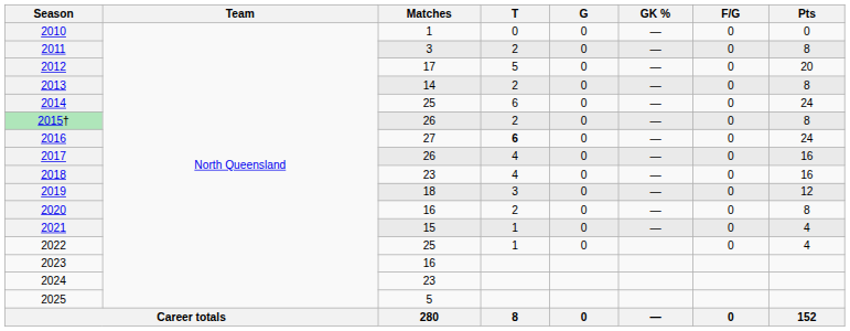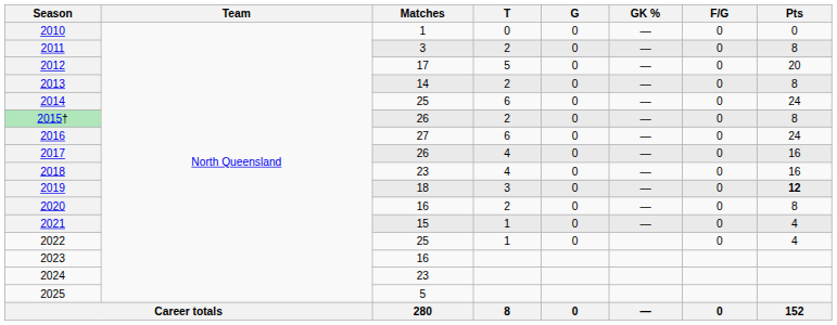 <table class="wikitable sortable"  style="font-size:90%; text-align:center; width:85%;">
 <tr>
 <th width=2%>Season</th>
 <th width=8%>Team</th>
 <th width=2%>Matches</th>
 <th width=2%>T</th>
 <th width=2%>G</th>
 <th width=2%>GK %</th>
 <th width=2%>F/G</th>
 <th width=2%>Pts</th>
 </tr>
 <tr>
 <th scope="row" style="text-align:center; font-weight:normal"><a href='#'>2010</a></th>
 <td rowspan="16" style="text-align:center;"> <a href='#'>North Queensland</a></td>
 <td>1</td>
 <td>0</td>
 <td>0</td>
 <td>—</td>
 <td>0</td>
 <td>0</td>
 </tr>
 <tr style="background:#eaeaea;">
 <th scope="row" style="text-align:center; font-weight:normal"><a href='#'>2011</a></th>
 <td>3</td>
 <td>2</td>
 <td>0</td>
 <td>—</td>
 <td>0</td>
 <td>8</td>
 </tr>
 <tr>
 <th scope="row" style="text-align:center; font-weight:normal"><a href='#'>2012</a></th>
 <td>17</td>
 <td>5</td>
 <td>0</td>
 <td>—</td>
 <td>0</td>
 <td>20</td>
 </tr>
 <tr style="background:#eaeaea;">
 <th scope="row" style="text-align:center; font-weight:normal"><a href='#'>2013</a></th>
 <td>14</td>
 <td>2</td>
 <td>0</td>
 <td>—</td>
 <td>0</td>
 <td>8</td>
 </tr>
 <tr>
 <th scope="row" style="text-align:center; font-weight:normal"><a href='#'>2014</a></th>
 <td>25</td>
 <td>6</td>
 <td>0</td>
 <td>—</td>
 <td>0</td>
 <td>24</td>
 </tr>
 <tr style="background:#eaeaea;">
 <th scope="row" style="text-align:center; font-weight:normal; background:#afe6ba;"><a href='#'>2015</a>†</th>
 <td>26</td>
 <td>2</td>
 <td>0</td>
 <td>—</td>
 <td>0</td>
 <td>8</td>
 </tr>
 <tr>
 <th scope="row" style="text-align:center; font-weight:normal"><a href='#'>2016</a></th>
 <td>27</td>
-<td><strong>6</strong></td>
+<td>6</td>
 <td>0</td>
 <td>—</td>
 <td>0</td>
 <td>24</td>
 </tr>
 <tr style="background:#eaeaea;">
 <th scope="row" style="text-align:center; font-weight:normal"><a href='#'>2017</a></th>
 <td>26</td>
 <td>4</td>
 <td>0</td>
 <td>—</td>
 <td>0</td>
 <td>16</td>
 </tr>
 <tr>
 <th scope="row" style="text-align:center; font-weight:normal"><a href='#'>2018</a></th>
 <td>23</td>
 <td>4</td>
 <td>0</td>
 <td>—</td>
 <td>0</td>
 <td>16</td>
 </tr>
 <tr style="background:#eaeaea;">
 <th scope="row" style="text-align:center; font-weight:normal"><a href='#'>2019</a></th>
 <td>18</td>
 <td>3</td>
 <td>0</td>
 <td>—</td>
 <td>0</td>
-<td>12</td>
+<td><strong>12</strong></td>
 </tr>
 <tr>
 <th scope="row" style="text-align:center; font-weight:normal"><a href='#'>2020</a></th>
 <td>16</td>
 <td>2</td>
 <td>0</td>
 <td>—</td>
 <td>0</td>
 <td>8</td>
 </tr>
 <tr style="background:#eaeaea;">
 <th scope="row" style="text-align:center; font-weight:normal"><a href='#'>2021</a></th>
 <td>15</td>
 <td>1</td>
 <td>0</td>
 <td>—</td>
 <td>0</td>
 <td>4</td>
 </tr>
 <tr>
 <td>2022</td>
 <td>25</td>
 <td>1</td>
 <td>0</td>
 <td></td>
 <td>0</td>
 <td>4</td>
 </tr>
 <tr>
 <td>2023</td>
 <td>16</td>
 <td></td>
 <td></td>
 <td></td>
 <td></td>
 <td></td>
 </tr>
 <tr>
 <td>2024</td>
 <td>23</td>
 <td></td>
 <td></td>
 <td></td>
 <td></td>
 <td></td>
 </tr>
 <tr>
 <td>2025</td>
 <td>5</td>
 <td></td>
 <td></td>
 <td></td>
 <td></td>
 <td></td>
 </tr>
 <tr class="sortbottom">
 <th colspan="2">Career totals</th>
 <th>280</th>
 <th>8</th>
 <th>0</th>
 <th>—</th>
 <th>0</th>
 <th>152</th>
 </tr>
 </table>
